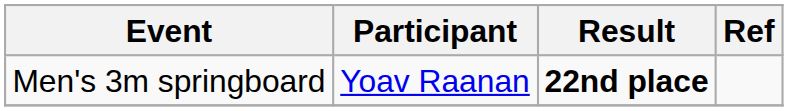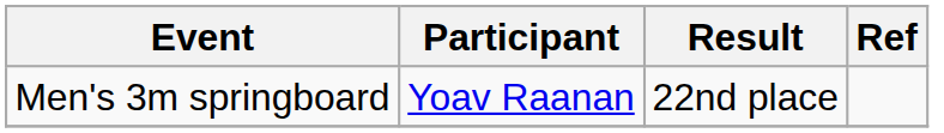 <table class="wikitable" style="font-size: 95%;">
 <tr>
 <th>Event</th>
 <th>Participant</th>
 <th>Result</th>
 <th>Ref</th>
 </tr>
 <tr>
 <td>Men's 3m springboard</td>
 <td><a href='#'>Yoav Raanan</a></td>
-<td><strong>22nd place</strong></td>
+<td>22nd place</td>
 <td></td>
 </tr>
 <tr>
 </tr>
 </table>
